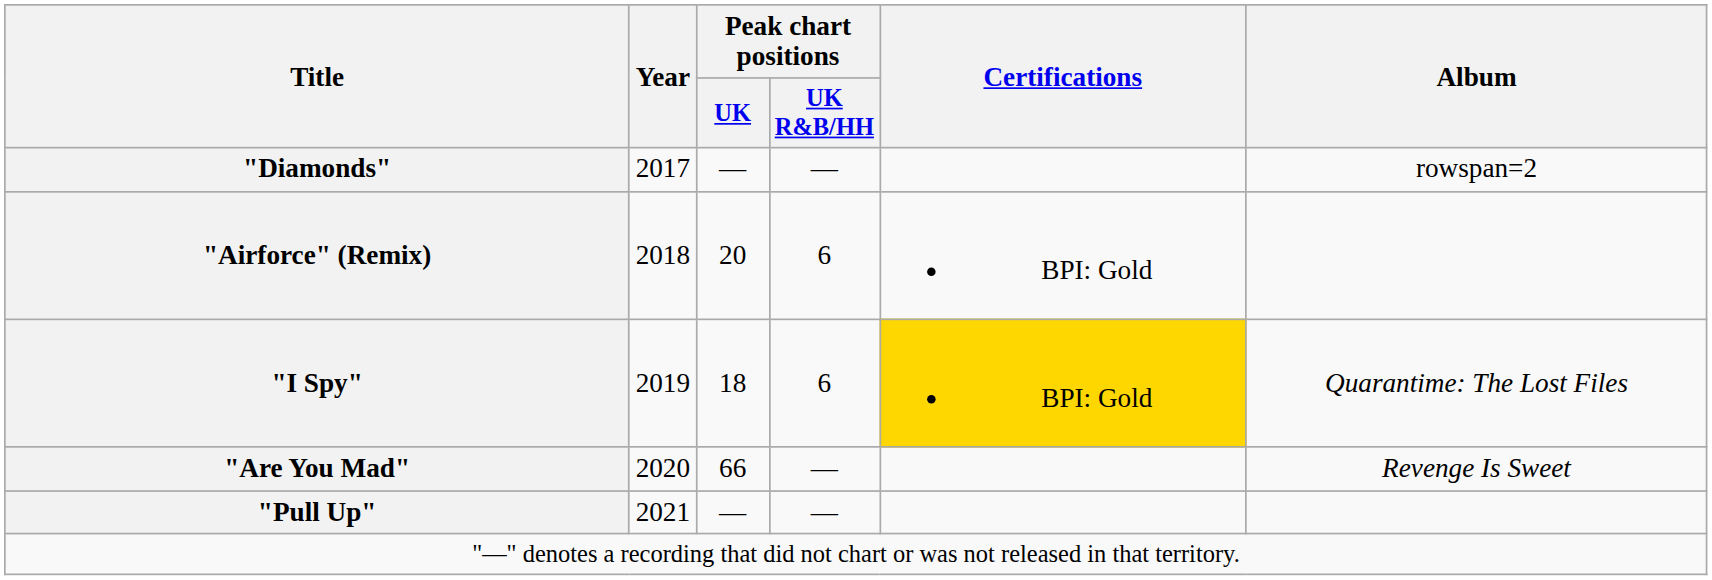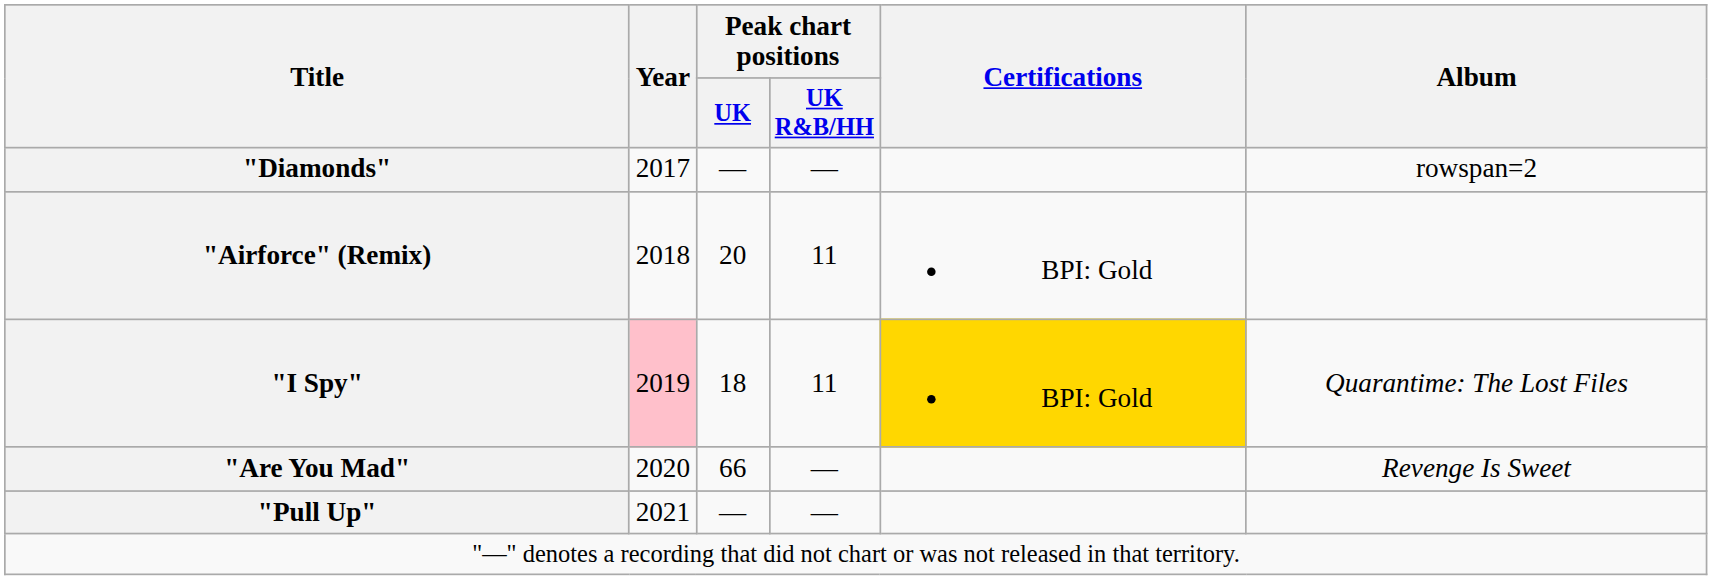 <table class="wikitable plainrowheaders" style="text-align:center;">
 <tr>
 <th scope="col" rowspan="2" style="width:22.5em;">Title</th>
 <th scope="col" rowspan="2" style="width:1em;">Year</th>
 <th scope="col" colspan="2">Peak chart positions</th>
 <th scope="col" rowspan="2" style="width:13em;"><a href='#'>Certifications</a></th>
 <th scope="col" rowspan="2" style="width:16.5em;">Album</th>
 </tr>
 <tr>
 <th scope="col" style="width:2.5em;font-size:90%;"><a href='#'>UK</a><br></th>
 <th scope="col" style="width:2.5em;font-size:90%;"><a href='#'>UK<br>R&B/HH</a><br></th>
 </tr>
 <tr>
 <th scope="row">"Diamonds"<br></th>
 <td>2017</td>
 <td>—</td>
 <td>—</td>
 <td></td>
 <td>rowspan=2 </td>
 </tr>
 <tr>
 <th scope="row">"Airforce" (Remix)<br></th>
 <td>2018</td>
 <td>20</td>
-<td>6</td>
+<td>11</td>
 <td><br><ul><li>BPI: Gold</li></ul></td>
 </tr>
 <tr>
 <th scope="row">"I Spy"<br></th>
-<td>2019</td>
+<td style="background: pink;">2019</td>
 <td>18</td>
-<td>6</td>
+<td>11</td>
 <td style="background: gold;"><br><ul><li>BPI: Gold</li></ul></td>
 <td><em>Quarantime: The Lost Files</em></td>
 </tr>
 <tr>
 <th scope="row">"Are You Mad"<br></th>
 <td>2020</td>
 <td>66</td>
 <td>—</td>
 <td></td>
 <td><em>Revenge Is Sweet</em></td>
 </tr>
 <tr>
 <th scope="row">"Pull Up"<br></th>
 <td>2021</td>
 <td>—</td>
 <td>—</td>
 <td></td>
 <td></td>
 </tr>
 <tr>
 <td colspan="10" style="font-size:90%">"—" denotes a recording that did not chart or was not released in that territory.</td>
 </tr>
 </table>
